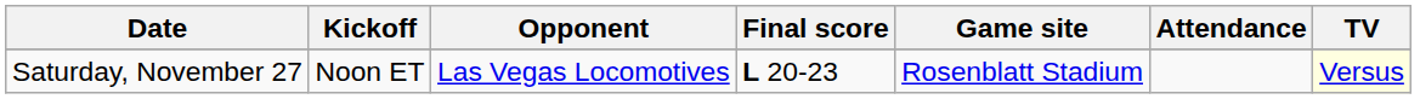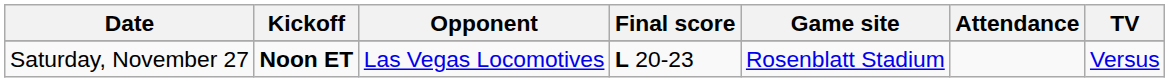 <table class="wikitable" align="center" style="font-size: 95%;">
 <tr>
 <th>Date</th>
 <th>Kickoff</th>
 <th>Opponent</th>
 <th>Final score</th>
 <th>Game site</th>
 <th>Attendance</th>
 <th>TV</th>
 </tr>
 <tr>
 </tr>
 <tr>
 <td>Saturday, November 27</td>
-<td>Noon ET</td>
+<td><strong>Noon ET</strong></td>
 <td><a href='#'>Las Vegas Locomotives</a></td>
 <td><strong>L</strong> 20-23</td>
 <td><a href='#'>Rosenblatt Stadium</a></td>
 <td></td>
-<td style="background: lightyellow;"><a href='#'>Versus</a></td>
+<td><a href='#'>Versus</a></td>
 </tr>
 </table>
